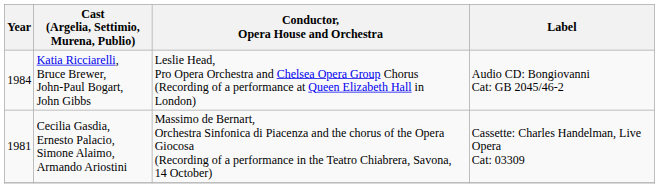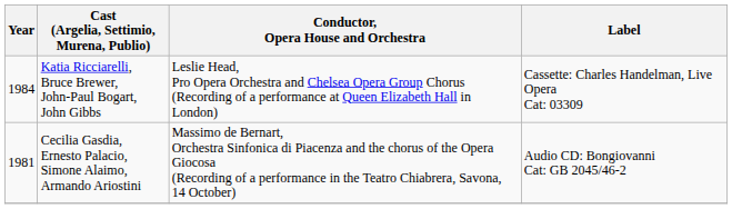 <table class="wikitable">
 <tr>
 <th>Year</th>
 <th width="150">Cast <br>(Argelia, Settimio, Murena, Publio)</th>
 <th>Conductor,<br>Opera House and Orchestra</th>
 <th>Label</th>
 </tr>
 <tr>
 <td>1984</td>
 <td><a href='#'>Katia Ricciarelli</a>,<br>Bruce Brewer,<br>John-Paul Bogart,<br>John Gibbs</td>
 <td>Leslie Head,<br>Pro Opera Orchestra and <a href='#'>Chelsea Opera Group</a> Chorus<br>(Recording of a performance at <a href='#'>Queen Elizabeth Hall</a> in London)</td>
-<td>Audio CD: Bongiovanni<br>Cat: GB 2045/46-2</td>
+<td>Cassette: Charles Handelman, Live Opera<br>Cat: 03309</td>
 </tr>
 <tr>
 <td>1981</td>
 <td>Cecilia Gasdia,<br>Ernesto Palacio,<br>Simone Alaimo,<br>Armando Ariostini</td>
 <td>Massimo de Bernart,<br>Orchestra Sinfonica di Piacenza and the chorus of the Opera Giocosa<br>(Recording of a performance in the Teatro Chiabrera, Savona, 14 October)</td>
-<td>Cassette: Charles Handelman, Live Opera<br>Cat: 03309</td>
+<td>Audio CD: Bongiovanni<br>Cat: GB 2045/46-2</td>
 </tr>
 <tr>
 </tr>
 </table>
